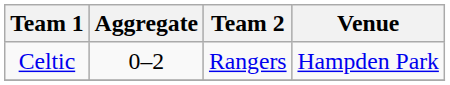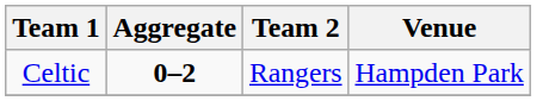 <table class="wikitable" style="text-align: center">
 <tr>
 <th>Team 1</th>
 <th>Aggregate</th>
 <th>Team 2</th>
 <th>Venue</th>
 </tr>
 <tr>
 <td><a href='#'>Celtic</a></td>
-<td>0–2</td>
+<td><strong>0–2</strong></td>
 <td><a href='#'>Rangers</a></td>
 <td><a href='#'>Hampden Park</a></td>
 </tr>
 <tr>
 </tr>
 </table>
